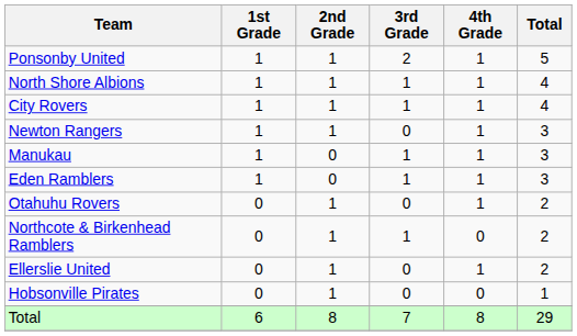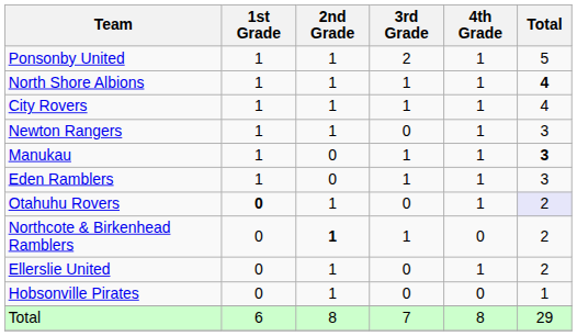 <table class="wikitable" style="text-align:center;">
 <tr>
 <th width=220>Team</th>
 <th width=70 abbr="1st Grade">1st Grade</th>
 <th width=70 abbr="2nd Grade">2nd Grade</th>
 <th width=70 abbr="3rd Grade">3rd Grade</th>
 <th width=70 abbr="4th Grade">4th Grade</th>
 <th width=50 abbr="Total">Total</th>
 </tr>
 <tr>
 <td style="text-align:left;"><a href='#'>Ponsonby United</a></td>
 <td>1</td>
 <td>1</td>
 <td>2</td>
 <td>1</td>
 <td>5</td>
 </tr>
 <tr>
 <td style="text-align:left;"><a href='#'>North Shore Albions</a></td>
 <td>1</td>
 <td>1</td>
 <td>1</td>
 <td>1</td>
-<td>4</td>
+<td><strong>4</strong></td>
 </tr>
 <tr>
 <td style="text-align:left;"><a href='#'>City Rovers</a></td>
 <td>1</td>
 <td>1</td>
 <td>1</td>
 <td>1</td>
 <td>4</td>
 </tr>
 <tr>
 <td style="text-align:left;"><a href='#'>Newton Rangers</a></td>
 <td>1</td>
 <td>1</td>
 <td>0</td>
 <td>1</td>
 <td>3</td>
 </tr>
 <tr>
 <td style="text-align:left;"><a href='#'>Manukau</a></td>
 <td>1</td>
 <td>0</td>
 <td>1</td>
 <td>1</td>
-<td>3</td>
+<td><strong>3</strong></td>
 </tr>
 <tr>
 <td style="text-align:left;"><a href='#'>Eden Ramblers</a></td>
 <td>1</td>
 <td>0</td>
 <td>1</td>
 <td>1</td>
 <td>3</td>
 </tr>
 <tr>
 <td style="text-align:left;"><a href='#'>Otahuhu Rovers</a></td>
-<td>0</td>
+<td><strong>0</strong></td>
 <td>1</td>
 <td>0</td>
 <td>1</td>
-<td>2</td>
+<td style="background: lavender;">2</td>
 </tr>
 <tr>
 <td style="text-align:left;"><a href='#'>Northcote & Birkenhead Ramblers</a></td>
 <td>0</td>
-<td>1</td>
+<td><strong>1</strong></td>
 <td>1</td>
 <td>0</td>
 <td>2</td>
 </tr>
 <tr>
 <td style="text-align:left;"><a href='#'>Ellerslie United</a></td>
 <td>0</td>
 <td>1</td>
 <td>0</td>
 <td>1</td>
 <td>2</td>
 </tr>
 <tr>
 <td style="text-align:left;"><a href='#'>Hobsonville Pirates</a></td>
 <td>0</td>
 <td>1</td>
 <td>0</td>
 <td>0</td>
 <td>1</td>
 </tr>
 <tr>
 </tr>
 <tr style="background: #ccffcc;">
 <td style="text-align:left;">Total</td>
 <td>6</td>
 <td>8</td>
 <td>7</td>
 <td>8</td>
 <td>29</td>
 </tr>
 <tr>
 </tr>
 </table>
